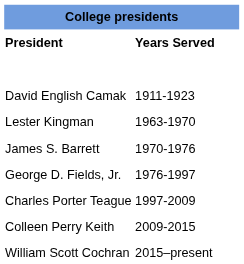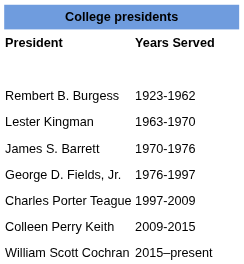 <table class="toccolours" style="float: right; margin-left: 1.4em; font-size: 90%; line-height: 1.8em; id:Presidents_of_Spartanburg_Methodist_College">
 <tr>
 <th colspan="2" style="text-align: center; background:#6f9cde"><span><strong>College presidents</strong></span></th>
 </tr>
 <tr>
 <td width="55%"><strong>President</strong></td>
 <td width="45%"><strong>Years Served</strong></td>
 </tr>
 <tr>
 <td colspan="2"><br></td>
 </tr>
 <tr>
-<td>David English Camak</td>
-<td>1911-1923</td>
+<td>Rembert B. Burgess</td>
+<td>1923-1962</td>
 </tr>
 <tr>
 <td>Lester Kingman</td>
 <td>1963-1970</td>
 </tr>
 <tr>
 <td>James S. Barrett</td>
 <td>1970-1976</td>
 </tr>
 <tr>
 <td>George D. Fields, Jr.</td>
 <td>1976-1997</td>
 </tr>
 <tr>
 <td>Charles Porter Teague</td>
 <td>1997-2009</td>
 </tr>
 <tr>
 <td>Colleen Perry Keith</td>
 <td>2009-2015</td>
 </tr>
 <tr>
 <td>William Scott Cochran</td>
 <td>2015–present</td>
 </tr>
 </table>
